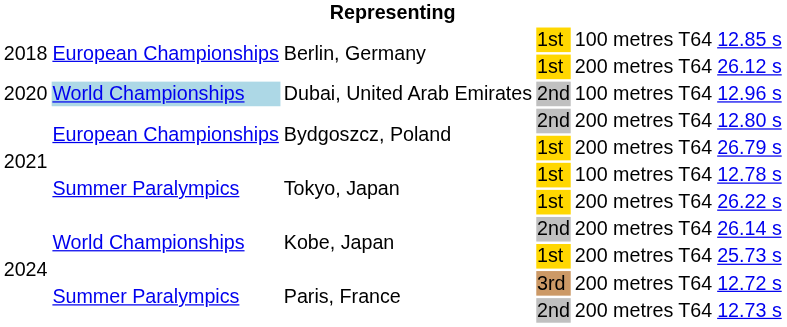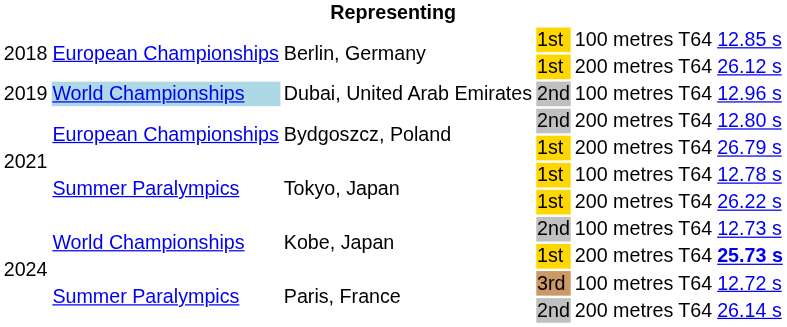 <table>
 <tr>
 <th colspan="6">Representing </th>
 </tr>
 <tr>
 <td rowspan=2>2018</td>
 <td rowspan=2><a href='#'>European Championships</a></td>
 <td rowspan=2>Berlin, Germany</td>
 <td bgcolor="gold">1st</td>
 <td>100 metres T64</td>
 <td><a href='#'>12.85 s</a></td>
 </tr>
 <tr>
 <td bgcolor="gold">1st</td>
 <td>200 metres T64</td>
 <td><a href='#'>26.12 s</a></td>
 </tr>
 <tr>
-<td>2020</td>
+<td>2019</td>
 <td style="background: lightblue;"><a href='#'>World Championships</a></td>
 <td>Dubai, United Arab Emirates</td>
 <td bgcolor="silver">2nd</td>
 <td>100 metres T64</td>
 <td><a href='#'>12.96 s</a></td>
 </tr>
 <tr>
 <td rowspan=4>2021</td>
 <td rowspan=2><a href='#'>European Championships</a></td>
 <td rowspan=2>Bydgoszcz, Poland</td>
 <td bgcolor="silver">2nd</td>
 <td>200 metres T64</td>
 <td><a href='#'>12.80 s</a></td>
 </tr>
 <tr>
 <td bgcolor="gold">1st</td>
 <td>200 metres T64</td>
 <td><a href='#'>26.79 s</a></td>
 </tr>
 <tr>
 <td rowspan=2><a href='#'>Summer Paralympics</a></td>
 <td rowspan=2>Tokyo, Japan</td>
 <td bgcolor="gold">1st</td>
 <td>100 metres T64</td>
 <td><a href='#'>12.78 s</a></td>
 </tr>
 <tr>
 <td bgcolor="gold">1st</td>
 <td>200 metres T64</td>
 <td><a href='#'>26.22 s</a></td>
 </tr>
 <tr>
 <td rowspan=4>2024</td>
 <td rowspan=2><a href='#'>World Championships</a></td>
 <td rowspan=2>Kobe, Japan</td>
 <td bgcolor="silver">2nd</td>
-<td>200 metres T64</td>
-<td><a href='#'>26.14 s</a></td>
+<td>100 metres T64</td>
+<td><a href='#'>12.73 s</a></td>
 </tr>
 <tr>
 <td bgcolor="gold">1st</td>
 <td>200 metres T64</td>
-<td><a href='#'>25.73 s</a></td>
+<td><strong><a href='#'>25.73 s</a></strong></td>
 </tr>
 <tr>
 <td rowspan=2><a href='#'>Summer Paralympics</a></td>
 <td rowspan=2>Paris, France</td>
 <td bgcolor="cc9966">3rd</td>
-<td>200 metres T64</td>
+<td>100 metres T64</td>
 <td><a href='#'>12.72 s</a></td>
 </tr>
 <tr>
 <td bgcolor="silver">2nd</td>
 <td>200 metres T64</td>
-<td><a href='#'>12.73 s</a></td>
+<td><a href='#'>26.14 s</a></td>
 </tr>
 </table>
